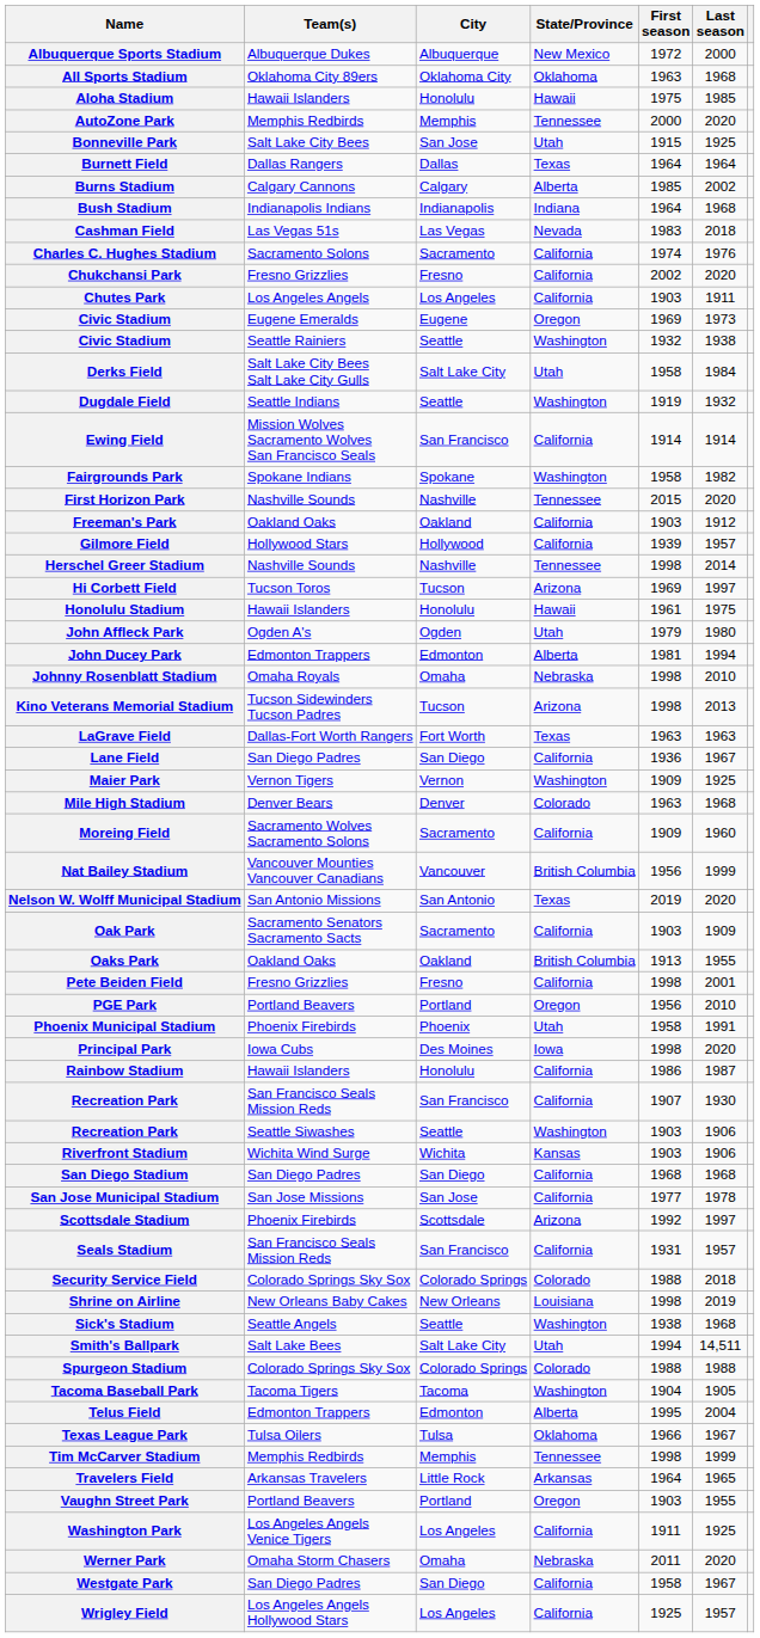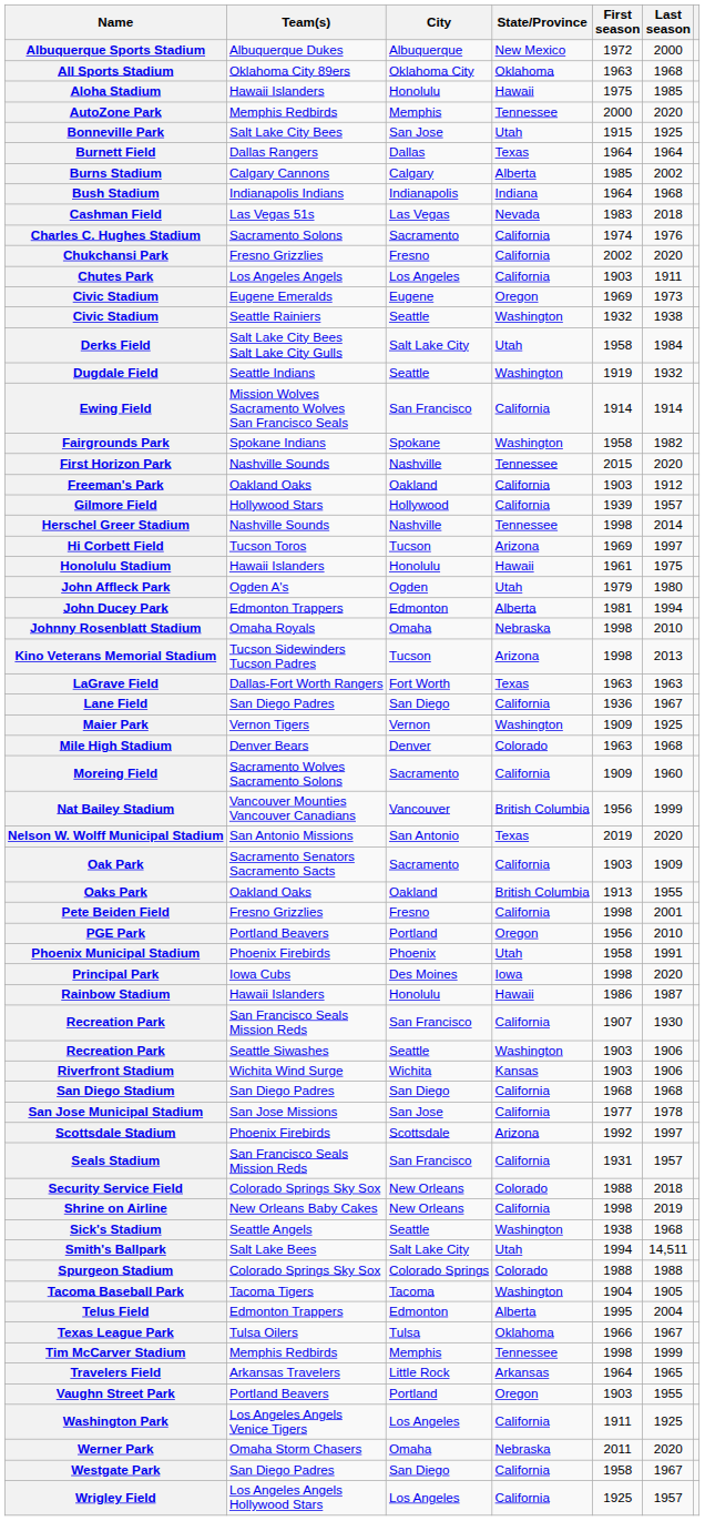 <table class="wikitable sortable plainrowheaders" style="text-align:left">
 <tr>
 <th scope="col">Name</th>
 <th scope="col">Team(s)</th>
 <th scope="col">City</th>
 <th scope="col">State/Province</th>
 <th scope="col">First<br>season</th>
 <th scope="col">Last<br>season</th>
 <th scope="col" class="unsortable"></th>
 </tr>
 <tr>
 <th scope="row"><a href='#'>Albuquerque Sports Stadium</a></th>
 <td><a href='#'>Albuquerque Dukes</a></td>
 <td><a href='#'>Albuquerque</a></td>
 <td><a href='#'>New Mexico</a></td>
 <td style="text-align:center">1972</td>
 <td style="text-align:center">2000</td>
 <td style="text-align:center"></td>
 </tr>
 <tr>
 <th scope="row"><a href='#'>All Sports Stadium</a></th>
 <td><a href='#'>Oklahoma City 89ers</a></td>
 <td><a href='#'>Oklahoma City</a></td>
 <td><a href='#'>Oklahoma</a></td>
 <td style="text-align:center">1963</td>
 <td style="text-align:center">1968</td>
 <td style="text-align:center"></td>
 </tr>
 <tr>
 <th scope="row"><a href='#'>Aloha Stadium</a></th>
 <td><a href='#'>Hawaii Islanders</a></td>
 <td><a href='#'>Honolulu</a></td>
 <td><a href='#'>Hawaii</a></td>
 <td style="text-align:center">1975</td>
 <td style="text-align:center">1985</td>
 <td style="text-align:center"></td>
 </tr>
 <tr>
 <th scope="row"><a href='#'>AutoZone Park</a></th>
 <td><a href='#'>Memphis Redbirds</a></td>
 <td><a href='#'>Memphis</a></td>
 <td><a href='#'>Tennessee</a></td>
 <td style="text-align:center">2000</td>
 <td style="text-align:center">2020</td>
 <td style="text-align:center"></td>
 </tr>
 <tr>
 <th scope="row"><a href='#'>Bonneville Park</a></th>
 <td><a href='#'>Salt Lake City Bees</a></td>
 <td><a href='#'>San Jose</a></td>
 <td><a href='#'>Utah</a></td>
 <td style="text-align:center">1915</td>
 <td style="text-align:center">1925</td>
 <td style="text-align:center"></td>
 </tr>
 <tr>
 <th scope="row"><a href='#'>Burnett Field</a></th>
 <td><a href='#'>Dallas Rangers</a></td>
 <td><a href='#'>Dallas</a></td>
 <td><a href='#'>Texas</a></td>
 <td style="text-align:center">1964</td>
 <td style="text-align:center">1964</td>
 <td style="text-align:center"></td>
 </tr>
 <tr>
 <th scope="row"><a href='#'>Burns Stadium</a></th>
 <td><a href='#'>Calgary Cannons</a></td>
 <td><a href='#'>Calgary</a></td>
 <td><a href='#'>Alberta</a></td>
 <td style="text-align:center">1985</td>
 <td style="text-align:center">2002</td>
 <td style="text-align:center"></td>
 </tr>
 <tr>
 <th scope="row"><a href='#'>Bush Stadium</a></th>
 <td><a href='#'>Indianapolis Indians</a></td>
 <td><a href='#'>Indianapolis</a></td>
 <td><a href='#'>Indiana</a></td>
 <td style="text-align:center">1964</td>
 <td style="text-align:center">1968</td>
 <td style="text-align:center"></td>
 </tr>
 <tr>
 <th scope="row"><a href='#'>Cashman Field</a></th>
 <td><a href='#'>Las Vegas 51s</a></td>
 <td><a href='#'>Las Vegas</a></td>
 <td><a href='#'>Nevada</a></td>
 <td style="text-align:center">1983</td>
 <td style="text-align:center">2018</td>
 <td style="text-align:center"></td>
 </tr>
 <tr>
 <th scope="row"><a href='#'>Charles C. Hughes Stadium</a></th>
 <td><a href='#'>Sacramento Solons</a></td>
 <td><a href='#'>Sacramento</a></td>
 <td><a href='#'>California</a></td>
 <td style="text-align:center">1974</td>
 <td style="text-align:center">1976</td>
 <td style="text-align:center"><br> </td>
 </tr>
 <tr>
 <th scope="row"><a href='#'>Chukchansi Park</a></th>
 <td><a href='#'>Fresno Grizzlies</a></td>
 <td><a href='#'>Fresno</a></td>
 <td><a href='#'>California</a></td>
 <td style="text-align:center">2002</td>
 <td style="text-align:center">2020</td>
 <td style="text-align:center"></td>
 </tr>
 <tr>
 <th scope="row"><a href='#'>Chutes Park</a></th>
 <td><a href='#'>Los Angeles Angels</a></td>
 <td><a href='#'>Los Angeles</a></td>
 <td><a href='#'>California</a></td>
 <td style="text-align:center">1903</td>
 <td style="text-align:center">1911</td>
 <td style="text-align:center"></td>
 </tr>
 <tr>
 <th scope="row"><a href='#'>Civic Stadium</a></th>
 <td><a href='#'>Eugene Emeralds</a></td>
 <td><a href='#'>Eugene</a></td>
 <td><a href='#'>Oregon</a></td>
 <td style="text-align:center">1969</td>
 <td style="text-align:center">1973</td>
 <td style="text-align:center"></td>
 </tr>
 <tr>
 <th scope="row"><a href='#'>Civic Stadium</a></th>
 <td><a href='#'>Seattle Rainiers</a></td>
 <td><a href='#'>Seattle</a></td>
 <td><a href='#'>Washington</a></td>
 <td style="text-align:center">1932</td>
 <td style="text-align:center">1938</td>
 <td style="text-align:center"><br> </td>
 </tr>
 <tr>
 <th scope="row"><a href='#'>Derks Field</a></th>
 <td><a href='#'>Salt Lake City Bees</a><br><a href='#'>Salt Lake City Gulls</a></td>
 <td><a href='#'>Salt Lake City</a></td>
 <td><a href='#'>Utah</a></td>
 <td style="text-align:center">1958</td>
 <td style="text-align:center">1984</td>
 <td style="text-align:center"></td>
 </tr>
 <tr>
 <th scope="row"><a href='#'>Dugdale Field</a></th>
 <td><a href='#'>Seattle Indians</a></td>
 <td><a href='#'>Seattle</a></td>
 <td><a href='#'>Washington</a></td>
 <td style="text-align:center">1919</td>
 <td style="text-align:center">1932</td>
 <td style="text-align:center"></td>
 </tr>
 <tr>
 <th scope="row"><a href='#'>Ewing Field</a></th>
 <td><a href='#'>Mission Wolves</a><br><a href='#'>Sacramento Wolves</a><br><a href='#'>San Francisco Seals</a></td>
 <td><a href='#'>San Francisco</a></td>
 <td><a href='#'>California</a></td>
 <td style="text-align:center">1914</td>
 <td style="text-align:center">1914</td>
 <td style="text-align:center"></td>
 </tr>
 <tr>
 <th scope="row"><a href='#'>Fairgrounds Park</a></th>
 <td><a href='#'>Spokane Indians</a></td>
 <td><a href='#'>Spokane</a></td>
 <td><a href='#'>Washington</a></td>
 <td style="text-align:center">1958</td>
 <td style="text-align:center">1982</td>
 <td style="text-align:center"></td>
 </tr>
 <tr>
 <th scope="row"><a href='#'>First Horizon Park</a></th>
 <td><a href='#'>Nashville Sounds</a></td>
 <td><a href='#'>Nashville</a></td>
 <td><a href='#'>Tennessee</a></td>
 <td style="text-align:center">2015</td>
 <td style="text-align:center">2020</td>
 <td style="text-align:center"></td>
 </tr>
 <tr>
 <th scope="row"><a href='#'>Freeman's Park</a></th>
 <td><a href='#'>Oakland Oaks</a></td>
 <td><a href='#'>Oakland</a></td>
 <td><a href='#'>California</a></td>
 <td style="text-align:center">1903</td>
 <td style="text-align:center">1912</td>
 <td style="text-align:center"></td>
 </tr>
 <tr>
 <th scope="row"><a href='#'>Gilmore Field</a></th>
 <td><a href='#'>Hollywood Stars</a></td>
 <td><a href='#'>Hollywood</a></td>
 <td><a href='#'>California</a></td>
 <td style="text-align:center">1939</td>
 <td style="text-align:center">1957</td>
 <td style="text-align:center"><br></td>
 </tr>
 <tr>
 <th scope="row"><a href='#'>Herschel Greer Stadium</a></th>
 <td><a href='#'>Nashville Sounds</a></td>
 <td><a href='#'>Nashville</a></td>
 <td><a href='#'>Tennessee</a></td>
 <td style="text-align:center">1998</td>
 <td style="text-align:center">2014</td>
 <td style="text-align:center"></td>
 </tr>
 <tr>
 <th scope="row"><a href='#'>Hi Corbett Field</a></th>
 <td><a href='#'>Tucson Toros</a></td>
 <td><a href='#'>Tucson</a></td>
 <td><a href='#'>Arizona</a></td>
 <td style="text-align:center">1969</td>
 <td style="text-align:center">1997</td>
 <td style="text-align:center"></td>
 </tr>
 <tr>
 <th scope="row"><a href='#'>Honolulu Stadium</a></th>
 <td><a href='#'>Hawaii Islanders</a></td>
 <td><a href='#'>Honolulu</a></td>
 <td><a href='#'>Hawaii</a></td>
 <td style="text-align:center">1961</td>
 <td style="text-align:center">1975</td>
 <td style="text-align:center"></td>
 </tr>
 <tr>
 <th scope="row"><a href='#'>John Affleck Park</a></th>
 <td><a href='#'>Ogden A's</a></td>
 <td><a href='#'>Ogden</a></td>
 <td><a href='#'>Utah</a></td>
 <td style="text-align:center">1979</td>
 <td style="text-align:center">1980</td>
 <td style="text-align:center"></td>
 </tr>
 <tr>
 <th scope="row"><a href='#'>John Ducey Park</a></th>
 <td><a href='#'>Edmonton Trappers</a></td>
 <td><a href='#'>Edmonton</a></td>
 <td><a href='#'>Alberta</a></td>
 <td style="text-align:center">1981</td>
 <td style="text-align:center">1994</td>
 <td style="text-align:center"></td>
 </tr>
 <tr>
 <th scope="row"><a href='#'>Johnny Rosenblatt Stadium</a></th>
 <td><a href='#'>Omaha Royals</a></td>
 <td><a href='#'>Omaha</a></td>
 <td><a href='#'>Nebraska</a></td>
 <td style="text-align:center">1998</td>
 <td style="text-align:center">2010</td>
 <td style="text-align:center"></td>
 </tr>
 <tr>
 <th scope="row"><a href='#'>Kino Veterans Memorial Stadium</a></th>
 <td><a href='#'>Tucson Sidewinders</a><br><a href='#'>Tucson Padres</a></td>
 <td><a href='#'>Tucson</a></td>
 <td><a href='#'>Arizona</a></td>
 <td style="text-align:center">1998</td>
 <td style="text-align:center">2013</td>
 <td style="text-align:center"></td>
 </tr>
 <tr>
 <th scope="row"><a href='#'>LaGrave Field</a></th>
 <td><a href='#'>Dallas-Fort Worth Rangers</a></td>
 <td><a href='#'>Fort Worth</a></td>
 <td><a href='#'>Texas</a></td>
 <td style="text-align:center">1963</td>
 <td style="text-align:center">1963</td>
 <td style="text-align:center"></td>
 </tr>
 <tr>
 <th scope="row"><a href='#'>Lane Field</a></th>
 <td><a href='#'>San Diego Padres</a></td>
 <td><a href='#'>San Diego</a></td>
 <td><a href='#'>California</a></td>
 <td style="text-align:center">1936</td>
 <td style="text-align:center">1967</td>
 <td style="text-align:center"><br></td>
 </tr>
 <tr>
 <th scope="row"><a href='#'>Maier Park</a></th>
 <td><a href='#'>Vernon Tigers</a></td>
 <td><a href='#'>Vernon</a></td>
 <td><a href='#'>Washington</a></td>
 <td style="text-align:center">1909</td>
 <td style="text-align:center">1925</td>
 <td style="text-align:center"></td>
 </tr>
 <tr>
 <th scope="row"><a href='#'>Mile High Stadium</a></th>
 <td><a href='#'>Denver Bears</a></td>
 <td><a href='#'>Denver</a></td>
 <td><a href='#'>Colorado</a></td>
 <td style="text-align:center">1963</td>
 <td style="text-align:center">1968</td>
 <td style="text-align:center"></td>
 </tr>
 <tr>
 <th scope="row"><a href='#'>Moreing Field</a></th>
 <td><a href='#'>Sacramento Wolves</a><br><a href='#'>Sacramento Solons</a></td>
 <td><a href='#'>Sacramento</a></td>
 <td><a href='#'>California</a></td>
 <td style="text-align:center">1909</td>
 <td style="text-align:center">1960</td>
 <td style="text-align:center"></td>
 </tr>
 <tr>
 <th scope="row"><a href='#'>Nat Bailey Stadium</a></th>
 <td><a href='#'>Vancouver Mounties</a><br><a href='#'>Vancouver Canadians</a></td>
 <td><a href='#'>Vancouver</a></td>
 <td><a href='#'>British Columbia</a></td>
 <td style="text-align:center">1956</td>
 <td style="text-align:center">1999</td>
 <td style="text-align:center"></td>
 </tr>
 <tr>
 <th scope="row"><a href='#'>Nelson W. Wolff Municipal Stadium</a></th>
 <td><a href='#'>San Antonio Missions</a></td>
 <td><a href='#'>San Antonio</a></td>
 <td><a href='#'>Texas</a></td>
 <td style="text-align:center">2019</td>
 <td style="text-align:center">2020</td>
 <td style="text-align:center"></td>
 </tr>
 <tr>
 <th scope="row"><a href='#'>Oak Park</a></th>
 <td><a href='#'>Sacramento Senators</a><br><a href='#'>Sacramento Sacts</a></td>
 <td><a href='#'>Sacramento</a></td>
 <td><a href='#'>California</a></td>
 <td style="text-align:center">1903</td>
 <td style="text-align:center">1909</td>
 <td style="text-align:center"></td>
 </tr>
 <tr>
 <th scope="row"><a href='#'>Oaks Park</a></th>
 <td><a href='#'>Oakland Oaks</a></td>
 <td><a href='#'>Oakland</a></td>
 <td><a href='#'>British Columbia</a></td>
 <td style="text-align:center">1913</td>
 <td style="text-align:center">1955</td>
 <td style="text-align:center"></td>
 </tr>
 <tr>
 <th scope="row"><a href='#'>Pete Beiden Field</a></th>
 <td><a href='#'>Fresno Grizzlies</a></td>
 <td><a href='#'>Fresno</a></td>
 <td><a href='#'>California</a></td>
 <td style="text-align:center">1998</td>
 <td style="text-align:center">2001</td>
 <td style="text-align:center"></td>
 </tr>
 <tr>
 <th scope="row"><a href='#'>PGE Park</a></th>
 <td><a href='#'>Portland Beavers</a></td>
 <td><a href='#'>Portland</a></td>
 <td><a href='#'>Oregon</a></td>
 <td style="text-align:center">1956</td>
 <td style="text-align:center">2010</td>
 <td style="text-align:center"></td>
 </tr>
 <tr>
 <th scope="row"><a href='#'>Phoenix Municipal Stadium</a></th>
 <td><a href='#'>Phoenix Firebirds</a></td>
 <td><a href='#'>Phoenix</a></td>
 <td><a href='#'>Utah</a></td>
 <td style="text-align:center">1958</td>
 <td style="text-align:center">1991</td>
 <td style="text-align:center"></td>
 </tr>
 <tr>
 <th scope="row"><a href='#'>Principal Park</a></th>
 <td><a href='#'>Iowa Cubs</a></td>
 <td><a href='#'>Des Moines</a></td>
 <td><a href='#'>Iowa</a></td>
 <td style="text-align:center">1998</td>
 <td style="text-align:center">2020</td>
 <td style="text-align:center"></td>
 </tr>
 <tr>
 <th scope="row"><a href='#'>Rainbow Stadium</a></th>
 <td><a href='#'>Hawaii Islanders</a></td>
 <td><a href='#'>Honolulu</a></td>
-<td><a href='#'>California</a></td>
+<td><a href='#'>Hawaii</a></td>
 <td style="text-align:center">1986</td>
 <td style="text-align:center">1987</td>
 <td style="text-align:center"></td>
 </tr>
 <tr>
 <th scope="row"><a href='#'>Recreation Park</a></th>
 <td><a href='#'>San Francisco Seals</a><br><a href='#'>Mission Reds</a></td>
 <td><a href='#'>San Francisco</a></td>
 <td><a href='#'>California</a></td>
 <td style="text-align:center">1907</td>
 <td style="text-align:center">1930</td>
 <td style="text-align:center"></td>
 </tr>
 <tr>
 <th scope="row"><a href='#'>Recreation Park</a></th>
 <td><a href='#'>Seattle Siwashes</a></td>
 <td><a href='#'>Seattle</a></td>
 <td><a href='#'>Washington</a></td>
 <td style="text-align:center">1903</td>
 <td style="text-align:center">1906</td>
 <td style="text-align:center"><br></td>
 </tr>
 <tr>
 <th scope="row"><a href='#'>Riverfront Stadium</a></th>
 <td><a href='#'>Wichita Wind Surge</a></td>
 <td><a href='#'>Wichita</a></td>
 <td><a href='#'>Kansas</a></td>
 <td style="text-align:center">1903</td>
 <td style="text-align:center">1906</td>
 <td style="text-align:center"></td>
 </tr>
 <tr>
 <th scope="row"><a href='#'>San Diego Stadium</a></th>
 <td><a href='#'>San Diego Padres</a></td>
 <td><a href='#'>San Diego</a></td>
 <td><a href='#'>California</a></td>
 <td style="text-align:center">1968</td>
 <td style="text-align:center">1968</td>
 <td style="text-align:center"></td>
 </tr>
 <tr>
 <th scope="row"><a href='#'>San Jose Municipal Stadium</a></th>
 <td><a href='#'>San Jose Missions</a></td>
 <td><a href='#'>San Jose</a></td>
 <td><a href='#'>California</a></td>
 <td style="text-align:center">1977</td>
 <td style="text-align:center">1978</td>
 <td style="text-align:center"></td>
 </tr>
 <tr>
 <th scope="row"><a href='#'>Scottsdale Stadium</a></th>
 <td><a href='#'>Phoenix Firebirds</a></td>
 <td><a href='#'>Scottsdale</a></td>
 <td><a href='#'>Arizona</a></td>
 <td style="text-align:center">1992</td>
 <td style="text-align:center">1997</td>
 <td style="text-align:center"></td>
 </tr>
 <tr>
 <th scope="row"><a href='#'>Seals Stadium</a></th>
 <td><a href='#'>San Francisco Seals</a><br><a href='#'>Mission Reds</a></td>
 <td><a href='#'>San Francisco</a></td>
 <td><a href='#'>California</a></td>
 <td style="text-align:center">1931</td>
 <td style="text-align:center">1957</td>
 <td style="text-align:center"></td>
 </tr>
 <tr>
 <th scope="row"><a href='#'>Security Service Field</a></th>
 <td><a href='#'>Colorado Springs Sky Sox</a></td>
-<td><a href='#'>Colorado Springs</a></td>
+<td><a href='#'>New Orleans</a></td>
 <td><a href='#'>Colorado</a></td>
 <td style="text-align:center">1988</td>
 <td style="text-align:center">2018</td>
 <td style="text-align:center"></td>
 </tr>
 <tr>
 <th scope="row"><a href='#'>Shrine on Airline</a></th>
 <td><a href='#'>New Orleans Baby Cakes</a></td>
 <td><a href='#'>New Orleans</a></td>
-<td><a href='#'>Louisiana</a></td>
+<td><a href='#'>California</a></td>
 <td style="text-align:center">1998</td>
 <td style="text-align:center">2019</td>
 <td style="text-align:center"></td>
 </tr>
 <tr>
 <th scope="row"><a href='#'>Sick's Stadium</a></th>
 <td><a href='#'>Seattle Angels</a></td>
 <td><a href='#'>Seattle</a></td>
 <td><a href='#'>Washington</a></td>
 <td style="text-align:center">1938</td>
 <td style="text-align:center">1968</td>
 <td style="text-align:center"></td>
 </tr>
 <tr>
 <th scope="row"><a href='#'>Smith's Ballpark</a></th>
 <td><a href='#'>Salt Lake Bees</a></td>
 <td><a href='#'>Salt Lake City</a></td>
 <td><a href='#'>Utah</a></td>
 <td style="text-align:center">1994</td>
 <td style="text-align:center">14,511</td>
 <td style="text-align:center"><br></td>
 </tr>
 <tr>
 <th scope="row"><a href='#'>Spurgeon Stadium</a></th>
 <td><a href='#'>Colorado Springs Sky Sox</a></td>
 <td><a href='#'>Colorado Springs</a></td>
 <td><a href='#'>Colorado</a></td>
 <td style="text-align:center">1988</td>
 <td style="text-align:center">1988</td>
 <td style="text-align:center"><br></td>
 </tr>
 <tr>
 <th scope="row"><a href='#'>Tacoma Baseball Park</a></th>
 <td><a href='#'>Tacoma Tigers</a></td>
 <td><a href='#'>Tacoma</a></td>
 <td><a href='#'>Washington</a></td>
 <td style="text-align:center">1904</td>
 <td style="text-align:center">1905</td>
 <td style="text-align:center"></td>
 </tr>
 <tr>
 <th scope="row"><a href='#'>Telus Field</a></th>
 <td><a href='#'>Edmonton Trappers</a></td>
 <td><a href='#'>Edmonton</a></td>
 <td><a href='#'>Alberta</a></td>
 <td style="text-align:center">1995</td>
 <td style="text-align:center">2004</td>
 <td style="text-align:center"></td>
 </tr>
 <tr>
 <th scope="row"><a href='#'>Texas League Park</a></th>
 <td><a href='#'>Tulsa Oilers</a></td>
 <td><a href='#'>Tulsa</a></td>
 <td><a href='#'>Oklahoma</a></td>
 <td style="text-align:center">1966</td>
 <td style="text-align:center">1967</td>
 <td style="text-align:center"></td>
 </tr>
 <tr>
 <th scope="row"><a href='#'>Tim McCarver Stadium</a></th>
 <td><a href='#'>Memphis Redbirds</a></td>
 <td><a href='#'>Memphis</a></td>
 <td><a href='#'>Tennessee</a></td>
 <td style="text-align:center">1998</td>
 <td style="text-align:center">1999</td>
 <td style="text-align:center"></td>
 </tr>
 <tr>
 <th scope="row"><a href='#'>Travelers Field</a></th>
 <td><a href='#'>Arkansas Travelers</a></td>
 <td><a href='#'>Little Rock</a></td>
 <td><a href='#'>Arkansas</a></td>
 <td style="text-align:center">1964</td>
 <td style="text-align:center">1965</td>
 <td style="text-align:center"></td>
 </tr>
 <tr>
 <th scope="row"><a href='#'>Vaughn Street Park</a></th>
 <td><a href='#'>Portland Beavers</a></td>
 <td><a href='#'>Portland</a></td>
 <td><a href='#'>Oregon</a></td>
 <td style="text-align:center">1903</td>
 <td style="text-align:center">1955</td>
 <td style="text-align:center"></td>
 </tr>
 <tr>
 <th scope="row"><a href='#'>Washington Park</a></th>
 <td><a href='#'>Los Angeles Angels</a><br><a href='#'>Venice Tigers</a></td>
 <td><a href='#'>Los Angeles</a></td>
 <td><a href='#'>California</a></td>
 <td style="text-align:center">1911</td>
 <td style="text-align:center">1925</td>
 <td style="text-align:center"></td>
 </tr>
 <tr>
 <th scope="row"><a href='#'>Werner Park</a></th>
 <td><a href='#'>Omaha Storm Chasers</a></td>
 <td><a href='#'>Omaha</a></td>
 <td><a href='#'>Nebraska</a></td>
 <td style="text-align:center">2011</td>
 <td style="text-align:center">2020</td>
 <td style="text-align:center"></td>
 </tr>
 <tr>
 <th scope="row"><a href='#'>Westgate Park</a></th>
 <td><a href='#'>San Diego Padres</a></td>
 <td><a href='#'>San Diego</a></td>
 <td><a href='#'>California</a></td>
 <td style="text-align:center">1958</td>
 <td style="text-align:center">1967</td>
 <td style="text-align:center"></td>
 </tr>
 <tr>
 <th scope="row"><a href='#'>Wrigley Field</a></th>
 <td><a href='#'>Los Angeles Angels</a><br><a href='#'>Hollywood Stars</a></td>
 <td><a href='#'>Los Angeles</a></td>
 <td><a href='#'>California</a></td>
 <td style="text-align:center">1925</td>
 <td style="text-align:center">1957</td>
 <td style="text-align:center"></td>
 </tr>
 </table>
